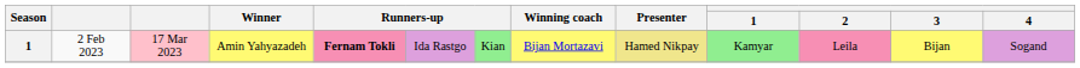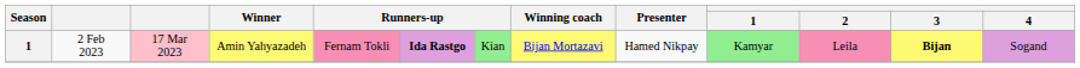 <table class="wikitable" style="text-align:center; font-size:90%; line-height:16px;" width="100%">
 <tr>
 <th rowspan=2 scope="col" width="2%">Season</th>
 <th rowspan=2 scope="col" width="6%"></th>
 <th rowspan=2 scope="col" width="6%"></th>
 <th rowspan=2 scope="col" width="8%">Winner</th>
 <th rowspan=2 colspan=3 scope="col" width="15%">Runners-up</th>
 <th rowspan=2 scope="col" width="8%">Winning coach</th>
 <th rowspan=2 scope="col" width="7%">Presenter</th>
 <th colspan=4 scope="col" width="15%"></th>
 </tr>
 <tr>
 <th scope="col" width="7%">1</th>
 <th scope="col" width="7%">2</th>
 <th scope="col" width="7%">3</th>
 <th scope="col" width="7%">4</th>
 </tr>
 <tr>
 <th>1</th>
 <td>2 Feb <br>  2023</td>
 <td style="background: pink;">17 Mar <br> 2023</td>
 <td style="background:#fffa73;">Amin Yahyazadeh</td>
-<td style="background:#f78fb4;"><strong>Fernam Tokli</strong></td>
-<td style="background:#dda0dd;">Ida Rastgo</td>
+<td style="background:#f78fb4;">Fernam Tokli</td>
+<td style="background:#dda0dd;"><strong>Ida Rastgo</strong></td>
 <td style="background:#90ee90;">Kian</td>
 <td style="background:#fffa73;"><a href='#'>Bijan Mortazavi</a></td>
-<td style="background: khaki;">Hamed Nikpay</td>
+<td>Hamed Nikpay</td>
 <td style="background:#90ee90;">Kamyar</td>
 <td style="background:#f78fb4;">Leila</td>
-<td rowspan=1 style="background:#fffa73;">Bijan</td>
+<td rowspan=1 style="background:#fffa73;"><strong>Bijan</strong></td>
 <td rowspan=1 style="background:#dda0dd;">Sogand</td>
 </tr>
 <tr>
 </tr>
 </table>
